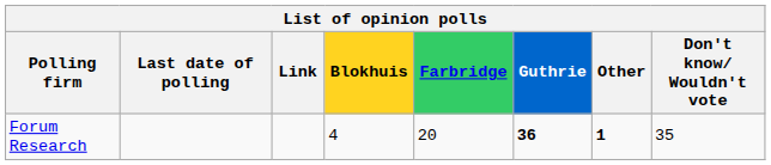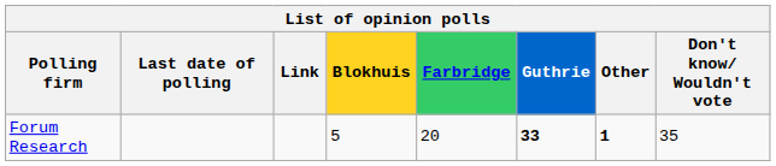 <table class="wikitable collapsible sortable collapsed">
 <tr style="background:#e9e9e9;">
 <th width=750px, colspan="11">List of opinion polls</th>
 </tr>
 <tr style="background:#e9e9e9;">
 <th width=15%>Polling firm</th>
 <th width=20%>Last date of polling</th>
 <th style="width:7%;" class="unsortable">Link</th>
 <th style="background-color: #FFD320; text-align:center;">Blokhuis</th>
 <th style="background-color: #33CC66; text-align:center;"><a href='#'>Farbridge</a></th>
 <th style="background-color: #0066CC; text-align:center; color:white;">Guthrie</th>
 <th style="background-color:">Other</th>
 <th width=15%>Don't know/<br>Wouldn't vote</th>
 </tr>
 <tr>
 <td rowspan=1><a href='#'>Forum Research</a></td>
 <td rowspan=1></td>
 <td rowspan=1></td>
-<td>4</td>
+<td>5</td>
 <td>20</td>
-<td><strong>36</strong></td>
+<td><strong>33</strong></td>
 <td><strong>1</strong></td>
 <td>35</td>
 </tr>
 </table>
